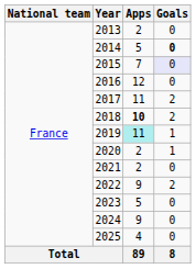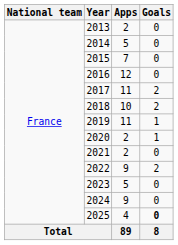 <table class="wikitable" style="text-align:center">
 <tr>
 <th>National team</th>
 <th>Year</th>
 <th>Apps</th>
 <th>Goals</th>
 </tr>
 <tr>
 <td rowspan="13"><a href='#'>France</a></td>
 <td>2013</td>
 <td>2</td>
 <td>0</td>
 </tr>
 <tr>
 <td>2014</td>
 <td>5</td>
-<td><strong>0</strong></td>
+<td>0</td>
 </tr>
 <tr>
 <td>2015</td>
 <td>7</td>
-<td style="background: lavender;">0</td>
+<td>0</td>
 </tr>
 <tr>
 <td>2016</td>
 <td>12</td>
 <td>0</td>
 </tr>
 <tr>
 <td>2017</td>
 <td>11</td>
 <td>2</td>
 </tr>
 <tr>
 <td>2018</td>
-<td><strong>10</strong></td>
+<td>10</td>
 <td>2</td>
 </tr>
 <tr>
 <td>2019</td>
-<td style="background: paleturquoise;">11</td>
+<td>11</td>
 <td>1</td>
 </tr>
 <tr>
 <td>2020</td>
 <td>2</td>
 <td>1</td>
 </tr>
 <tr>
 <td>2021</td>
 <td>2</td>
 <td>0</td>
 </tr>
 <tr>
 <td>2022</td>
 <td>9</td>
 <td>2</td>
 </tr>
 <tr>
 <td>2023</td>
 <td>5</td>
 <td>0</td>
 </tr>
 <tr>
 <td>2024</td>
 <td>9</td>
 <td>0</td>
 </tr>
 <tr>
 <td>2025</td>
 <td>4</td>
-<td>0</td>
+<td><strong>0</strong></td>
 </tr>
 <tr>
 <th colspan="2">Total</th>
 <th>89</th>
 <th>8</th>
 </tr>
 </table>
